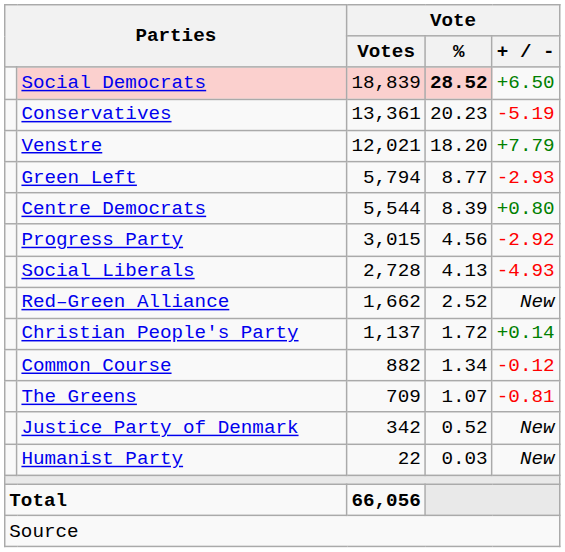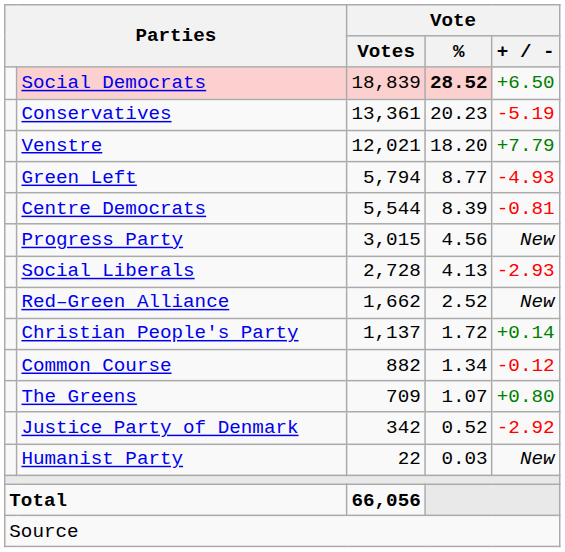 <table class="wikitable" style="text-align:right;">
 <tr>
 <th style="text-align:centre;" rowspan="2" colspan="2" width="225">Parties</th>
 <th colspan="3">Vote</th>
 </tr>
 <tr>
 <th width="15">Votes</th>
 <th width="15">%</th>
 <th width="15">+ / -</th>
 </tr>
 <tr>
 <td width="2" style="color:inherit;background:"></td>
 <td bgcolor=#fbd0ce  align="left"><a href='#'>Social Democrats</a></td>
 <td bgcolor=#fbd0ce>18,839</td>
 <td bgcolor=#fbd0ce><strong>28.52</strong></td>
 <td style=color:green;>+6.50</td>
 </tr>
 <tr>
 <td width="2" style="color:inherit;background:"></td>
 <td align="left"><a href='#'>Conservatives</a></td>
 <td>13,361</td>
 <td>20.23</td>
 <td style=color:red;>-5.19</td>
 </tr>
 <tr>
 <td width="2" style="color:inherit;background:"></td>
 <td align="left"><a href='#'>Venstre</a></td>
 <td>12,021</td>
 <td>18.20</td>
 <td style=color:green;>+7.79</td>
 </tr>
 <tr>
 <td width="2" style="color:inherit;background:"></td>
 <td align="left"><a href='#'>Green Left</a></td>
 <td>5,794</td>
 <td>8.77</td>
-<td style=color:red;>-2.93</td>
+<td style=color:red;>-4.93</td>
 </tr>
 <tr>
 <td width="2" style="color:inherit;background:"></td>
 <td align="left"><a href='#'>Centre Democrats</a></td>
 <td>5,544</td>
 <td>8.39</td>
-<td style=color:green;>+0.80</td>
+<td style=color:red;>-0.81</td>
 </tr>
 <tr>
 <td width="2" style="color:inherit;background:"></td>
 <td align="left"><a href='#'>Progress Party</a></td>
 <td>3,015</td>
 <td>4.56</td>
-<td style=color:red;>-2.92</td>
+<td><em>New</em></td>
 </tr>
 <tr>
 <td width="2" style="color:inherit;background:"></td>
 <td align="left"><a href='#'>Social Liberals</a></td>
 <td>2,728</td>
 <td>4.13</td>
-<td style=color:red;>-4.93</td>
+<td style=color:red;>-2.93</td>
 </tr>
 <tr>
 <td width="2" style="color:inherit;background:"></td>
 <td align="left"><a href='#'>Red–Green Alliance</a></td>
 <td>1,662</td>
 <td>2.52</td>
 <td><em>New</em></td>
 </tr>
 <tr>
 <td width="2" style="color:inherit;background:"></td>
 <td align="left"><a href='#'>Christian People's Party</a></td>
 <td>1,137</td>
 <td>1.72</td>
 <td style=color:green;>+0.14</td>
 </tr>
 <tr>
 <td width="2" style="color:inherit;background:"></td>
 <td align="left"><a href='#'>Common Course</a></td>
 <td>882</td>
 <td>1.34</td>
 <td style=color:red;>-0.12</td>
 </tr>
 <tr>
 <td width="2" style="color:inherit;background:"></td>
 <td align="left"><a href='#'>The Greens</a></td>
 <td>709</td>
 <td>1.07</td>
-<td style=color:red;>-0.81</td>
+<td style=color:green;>+0.80</td>
 </tr>
 <tr>
 <td width="2" style="color:inherit;background:"></td>
 <td align="left"><a href='#'>Justice Party of Denmark</a></td>
 <td>342</td>
 <td>0.52</td>
-<td><em>New</em></td>
+<td style=color:red;>-2.92</td>
 </tr>
 <tr>
 <td width="2" style="color:inherit;background:"></td>
 <td align="left"><a href='#'>Humanist Party</a></td>
 <td>22</td>
 <td>0.03</td>
 <td><em>New</em></td>
 </tr>
 <tr>
 <td colspan="7" bgcolor="#E9E9E9"></td>
 </tr>
 <tr>
 <td align="left" colspan="2"><strong>Total</strong></td>
 <td><strong>66,056</strong></td>
 <td bgcolor="#E9E9E9" colspan="2"></td>
 </tr>
 <tr>
 <td align="left" colspan="6">Source</td>
 </tr>
 </table>
